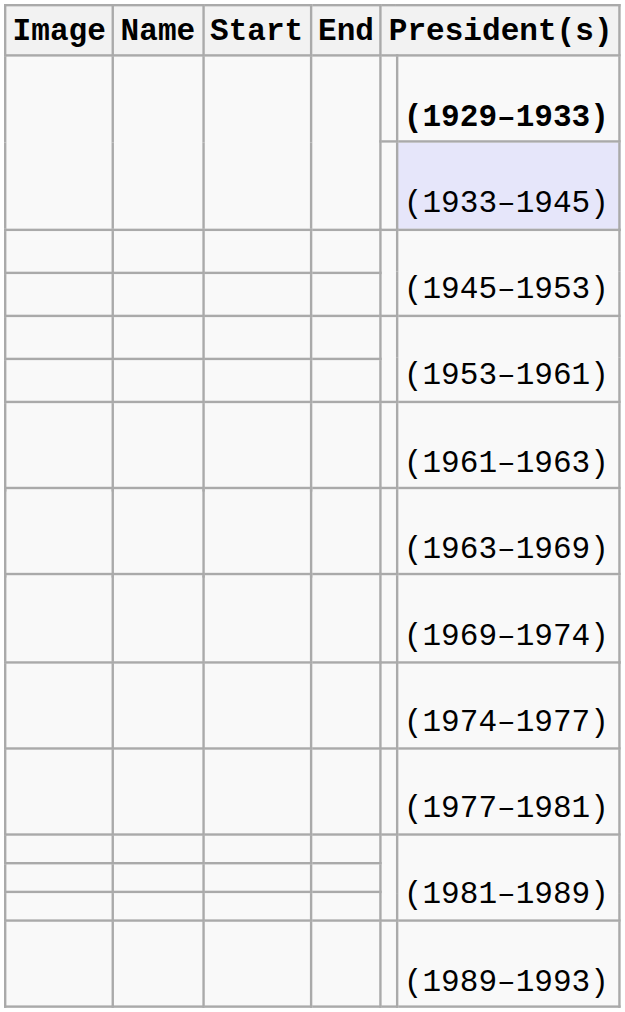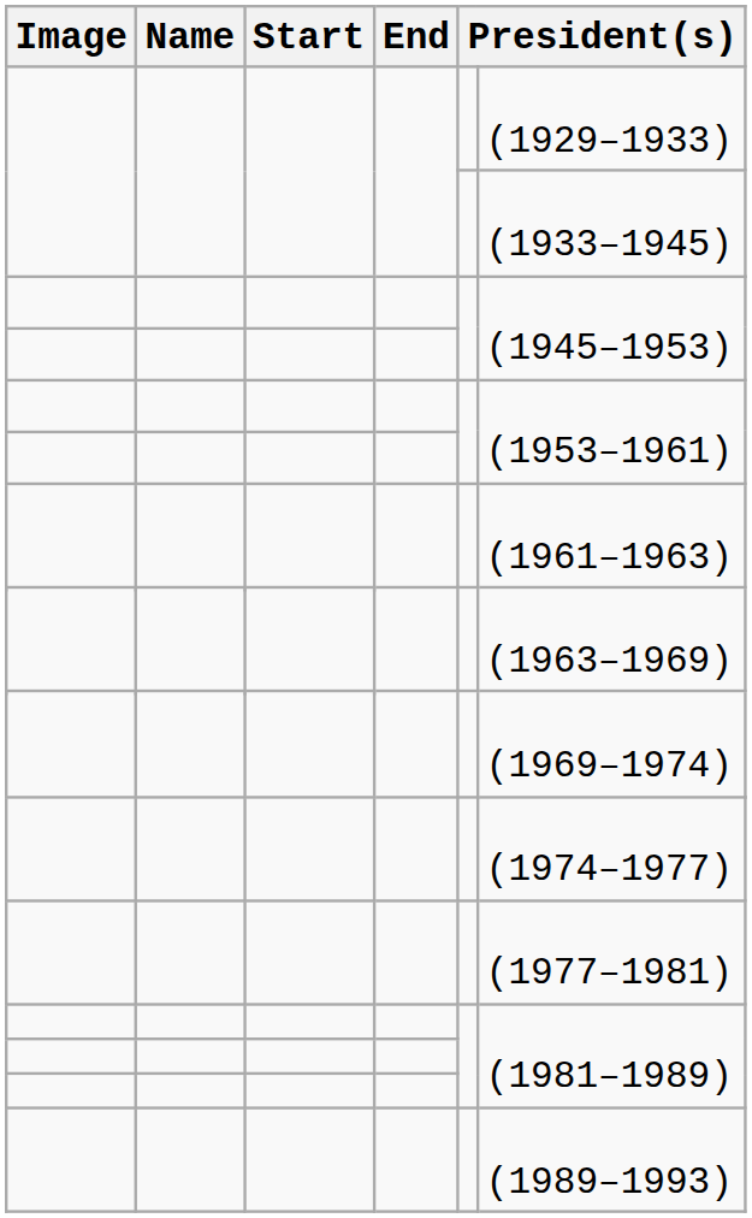 <table class="wikitable sortable">
 <tr>
 <th>Image</th>
 <th>Name</th>
 <th>Start</th>
 <th>End</th>
 <th colspan=2>President(s)</th>
 </tr>
 <tr>
 <td rowspan=3></td>
 <td rowspan=3></td>
 <td rowspan=3></td>
 <td rowspan=3></td>
 <td style="background: "></td>
-<td><strong><br>(1929–1933)</strong></td>
+<td><br>(1929–1933)</td>
 </tr>
 <tr>
 <td style="background: "></td>
-<td style="background: lavender;"><br>(1933–1945)</td>
+<td><br>(1933–1945)</td>
 </tr>
 <tr>
 <td rowspan=3 style="background: "></td>
 <td rowspan=3><br>(1945–1953)</td>
 </tr>
 <tr>
 <td></td>
 <td></td>
 <td></td>
 <td></td>
 </tr>
 <tr>
 <td></td>
 <td></td>
 <td></td>
 <td></td>
 </tr>
 <tr>
 <td></td>
 <td></td>
 <td></td>
 <td></td>
 <td rowspan=2 style="background: "></td>
 <td rowspan=2><br>(1953–1961)</td>
 </tr>
 <tr>
 <td></td>
 <td></td>
 <td></td>
 <td></td>
 </tr>
 <tr>
 <td rowspan=2></td>
 <td rowspan=2></td>
 <td rowspan=2></td>
 <td rowspan=2></td>
 <td style="background: "></td>
 <td><br>(1961–1963)</td>
 </tr>
 <tr>
 <td rowspan=2 style="background: "></td>
 <td rowspan=2><br>(1963–1969)</td>
 </tr>
 <tr>
 <td rowspan=2></td>
 <td rowspan=2></td>
 <td rowspan=2></td>
 <td rowspan=2></td>
 </tr>
 <tr>
 <td rowspan=2 style="background: "></td>
 <td rowspan=2><br>(1969–1974)</td>
 </tr>
 <tr>
 <td rowspan=2></td>
 <td rowspan=2></td>
 <td rowspan=2></td>
 <td rowspan=2></td>
 </tr>
 <tr>
 <td rowspan=2 style="background: "></td>
 <td rowspan=2><br>(1974–1977)</td>
 </tr>
 <tr>
 <td></td>
 <td></td>
 <td></td>
 <td></td>
 </tr>
 <tr>
 <td></td>
 <td></td>
 <td></td>
 <td></td>
 <td style="background: "></td>
 <td><br>(1977–1981)</td>
 </tr>
 <tr>
 <td></td>
 <td></td>
 <td></td>
 <td></td>
 <td rowspan=3 style="background: "></td>
 <td rowspan=3><br>(1981–1989)</td>
 </tr>
 <tr>
 <td></td>
 <td></td>
 <td></td>
 <td></td>
 </tr>
 <tr>
 <td></td>
 <td></td>
 <td></td>
 <td></td>
 </tr>
 <tr>
 <td></td>
 <td></td>
 <td></td>
 <td></td>
 <td style="background: "></td>
 <td><br>(1989–1993)</td>
 </tr>
 </table>
